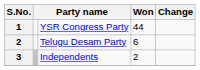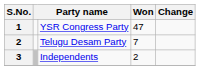 <table CLASS="sortable wikitable">
 <tr>
 <th>S.No.</th>
 <th colspan=2>Party name</th>
 <th>Won</th>
 <th>Change</th>
 </tr>
 <tr>
 <th>1</th>
 <td></td>
 <td><a href='#'>YSR Congress Party</a></td>
-<td>44</td>
+<td>47</td>
 <td></td>
 </tr>
 <tr>
 <th>2</th>
 <td></td>
 <td><a href='#'>Telugu Desam Party</a></td>
-<td>6</td>
+<td>7</td>
 <td></td>
 </tr>
 <tr>
 <th>3</th>
 <td bgcolor=#C1C1C1></td>
 <td><a href='#'>Independents</a></td>
 <td>2</td>
 <td></td>
 </tr>
 <tr>
 </tr>
 </table>
